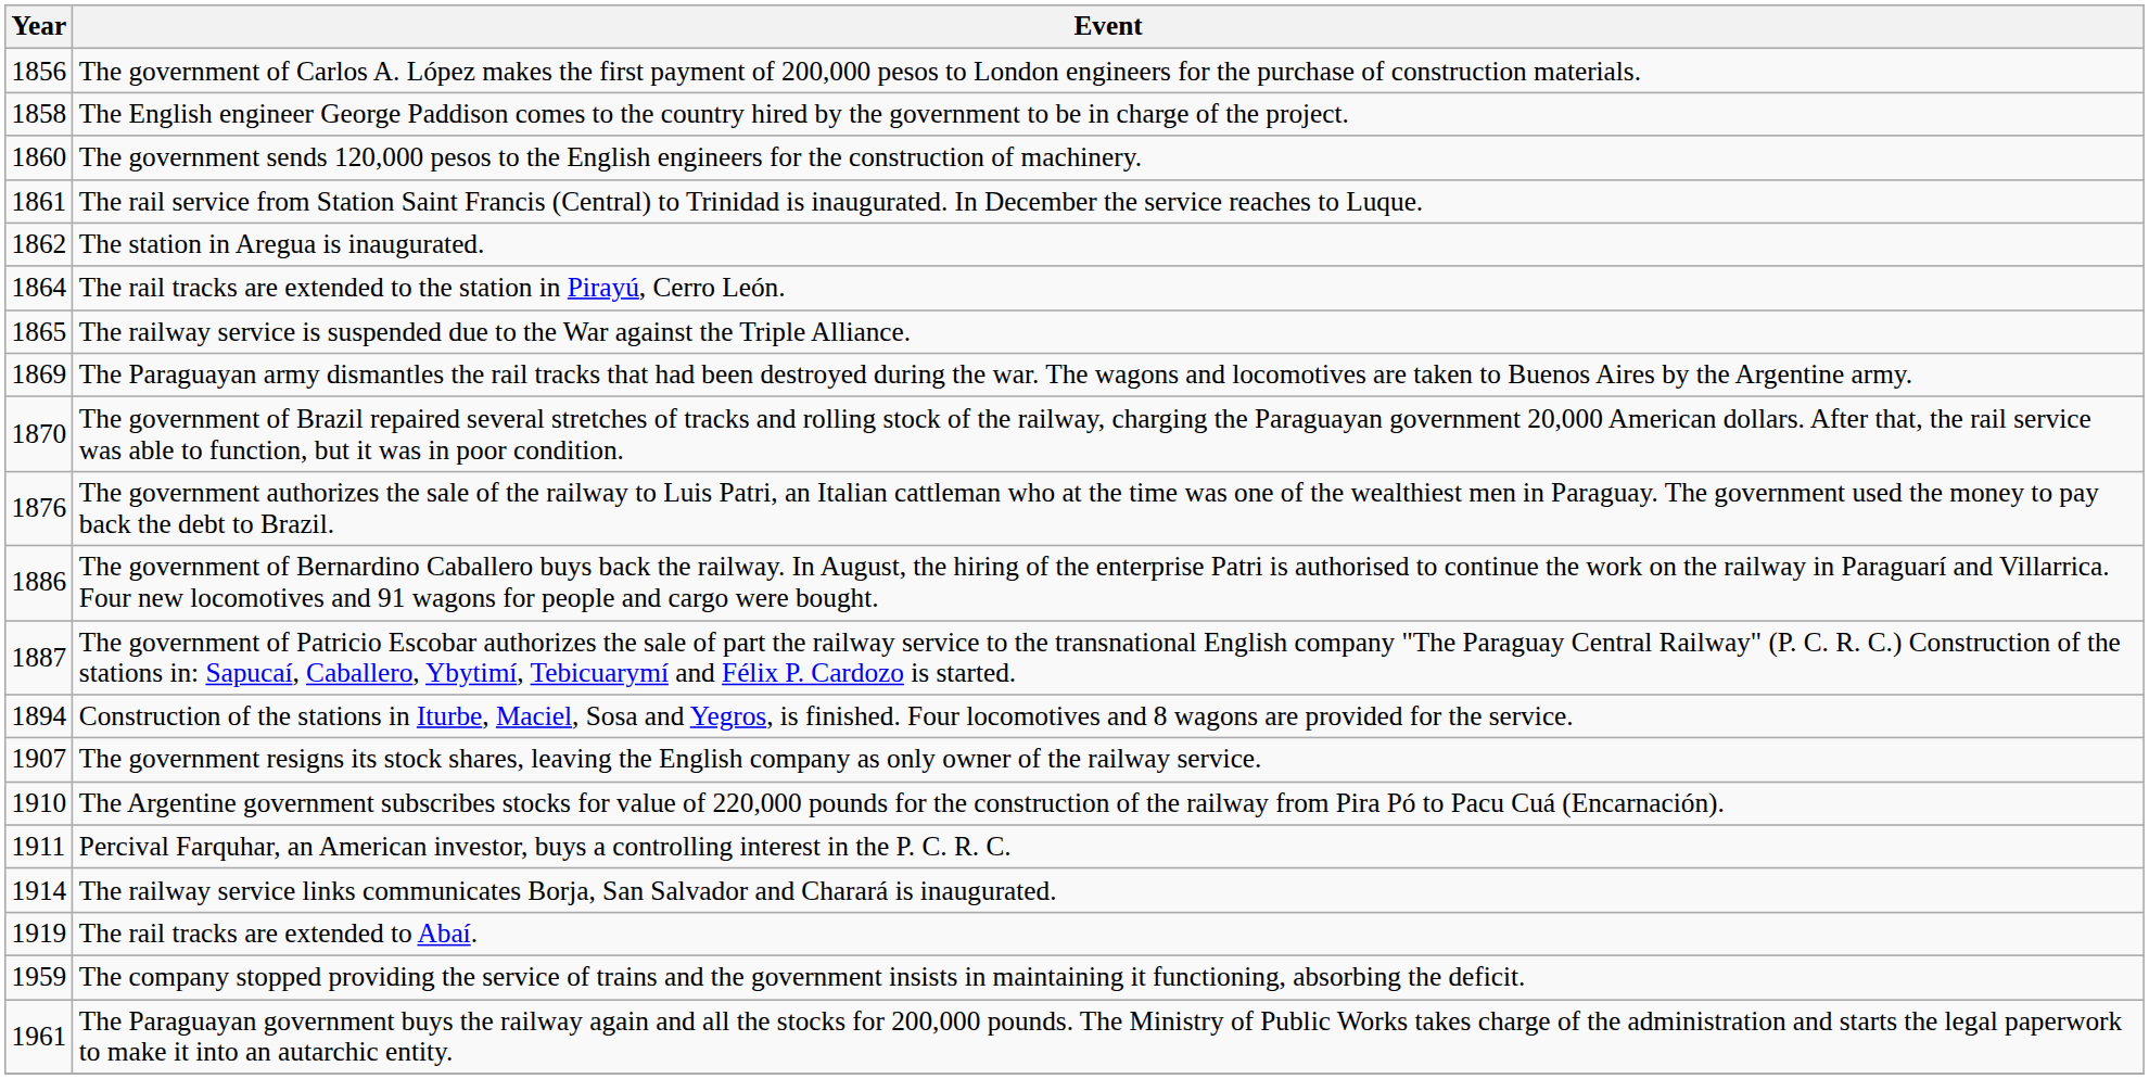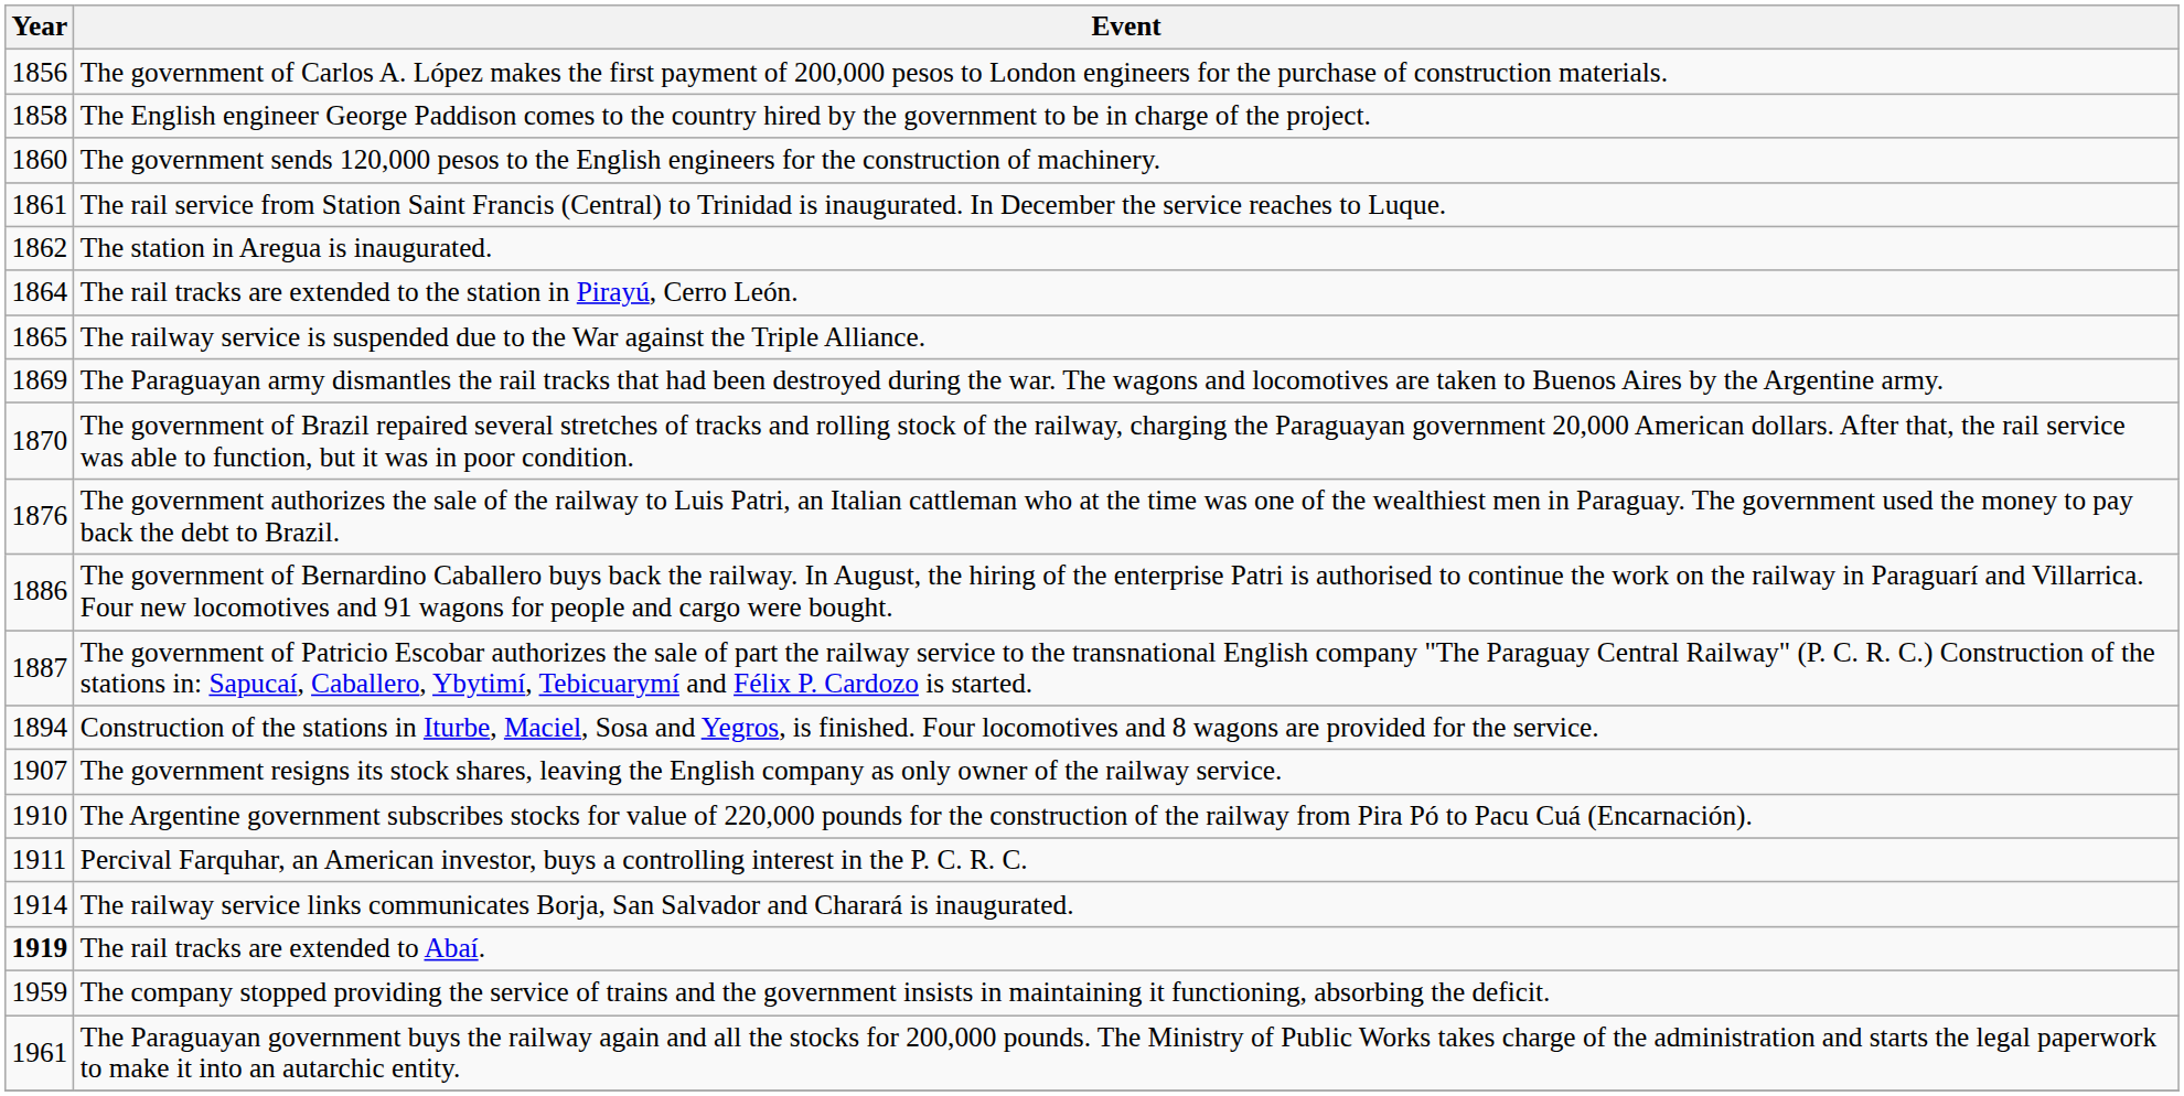 <table class="wikitable">
 <tr>
 <th>Year</th>
 <th>Event</th>
 </tr>
 <tr ------>
 <td>1856</td>
 <td>The government of Carlos A. López makes the first payment of 200,000 pesos to London engineers for the purchase of construction materials.</td>
 </tr>
 <tr ------>
 <td>1858</td>
 <td>The English engineer George Paddison comes to the country hired by the government to be in charge of the project.</td>
 </tr>
 <tr ------>
 <td>1860</td>
 <td>The government sends 120,000 pesos to the English engineers for the construction of machinery.</td>
 </tr>
 <tr ------>
 <td>1861</td>
 <td>The rail service from Station Saint Francis (Central) to Trinidad is inaugurated. In December the service reaches to Luque.</td>
 </tr>
 <tr ------>
 <td>1862</td>
 <td>The station in Aregua is inaugurated.</td>
 </tr>
 <tr ------>
 <td>1864</td>
 <td>The rail tracks are extended to the station in <a href='#'>Pirayú</a>, Cerro León.</td>
 </tr>
 <tr ------>
 <td>1865</td>
 <td>The railway service is suspended due to the War against the Triple Alliance.</td>
 </tr>
 <tr ------>
 <td>1869</td>
 <td>The Paraguayan army dismantles the rail tracks that had been destroyed during the war. The wagons and locomotives are taken to Buenos Aires by the Argentine army.</td>
 </tr>
 <tr ------>
 <td>1870</td>
 <td>The government of Brazil repaired several stretches of tracks and rolling stock of the railway, charging the Paraguayan government 20,000 American dollars. After that, the rail service was able to function, but it was in poor condition.</td>
 </tr>
 <tr ------>
 <td>1876</td>
 <td>The government authorizes the sale of the railway to Luis Patri, an Italian cattleman who at the time was one of the wealthiest men in Paraguay. The government used the money to pay back the debt to Brazil.</td>
 </tr>
 <tr ------>
 <td>1886</td>
 <td>The government of Bernardino Caballero buys back the railway. In August, the hiring of the enterprise Patri is authorised to continue the work on the railway in Paraguarí and Villarrica. Four new locomotives and 91 wagons for people and cargo were bought.</td>
 </tr>
 <tr ------>
 <td>1887</td>
 <td>The government of Patricio Escobar authorizes the sale of part the railway service to the transnational English company "The Paraguay Central Railway" (P. C. R. C.) Construction of the stations in: <a href='#'>Sapucaí</a>, <a href='#'>Caballero</a>, <a href='#'>Ybytimí</a>, <a href='#'>Tebicuarymí</a> and <a href='#'>Félix P. Cardozo</a> is started.</td>
 </tr>
 <tr ------>
 <td>1894</td>
 <td>Construction of the stations in <a href='#'>Iturbe</a>, <a href='#'>Maciel</a>, Sosa and <a href='#'>Yegros</a>, is finished. Four locomotives and 8 wagons are provided for the service.</td>
 </tr>
 <tr ------>
 <td>1907</td>
 <td>The government resigns its stock shares, leaving the English company as only owner of the railway service.</td>
 </tr>
 <tr ------>
 <td>1910</td>
 <td>The Argentine government subscribes stocks for value of 220,000 pounds for the construction of the railway from Pira Pó to Pacu Cuá (Encarnación).</td>
 </tr>
 <tr ------>
 <td>1911</td>
 <td>Percival Farquhar, an American investor, buys a controlling interest in the P. C. R. C.</td>
 </tr>
 <tr ------>
 <td>1914</td>
 <td>The railway service links communicates Borja, San Salvador and Charará is inaugurated.</td>
 </tr>
 <tr ------>
-<td>1919</td>
+<td><strong>1919</strong></td>
 <td>The rail tracks are extended to <a href='#'>Abaí</a>.</td>
 </tr>
 <tr ------>
 <td>1959</td>
 <td>The company stopped providing the service of trains and the government insists in maintaining it functioning, absorbing the deficit.</td>
 </tr>
 <tr ------>
 <td>1961</td>
 <td>The Paraguayan government buys the railway again and all the stocks for 200,000 pounds. The Ministry of Public Works takes charge of the administration and starts the legal paperwork to make it into an autarchic entity.</td>
 </tr>
 <tr -------->
 </tr>
 </table>
